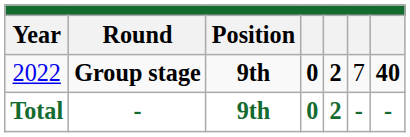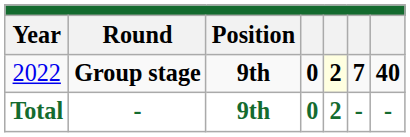 <table class="wikitable" style="text-align: center;">
 <tr>
 <th colspan="7" style="background:#146B2F;"></th>
 </tr>
 <tr>
 <th>Year</th>
 <th>Round</th>
 <th>Position</th>
 <th></th>
 <th></th>
 <th></th>
 <th></th>
 </tr>
 <tr>
 <td> <a href='#'>2022</a></td>
 <td><strong>Group stage</strong></td>
 <td><strong>9th</strong></td>
 <td><strong>0</strong></td>
-<td><strong>2</strong></td>
-<td>7</td>
+<td style="background: lightyellow;"><strong>2</strong></td>
+<td><strong>7</strong></td>
 <td><strong>40</strong></td>
 </tr>
 <tr>
 <th style="color:#146B2F; background:white;">Total</th>
 <th style="color:#146B2F; background:white;">-</th>
 <td style="color:#146B2F; background:white;"><strong>9th</strong></td>
 <td style="color:#146B2F; background:white;"><strong>0</strong></td>
 <td style="color:#146B2F; background:white;"><strong>2</strong></td>
 <td style="color:#146B2F; background:white;"><strong>-</strong></td>
 <td style="color:#146B2F; background:white;"><strong>-</strong></td>
 </tr>
 </table>
